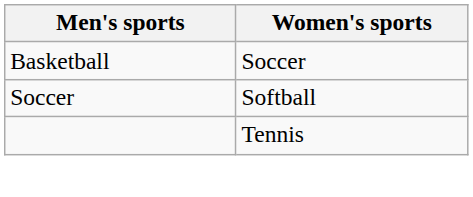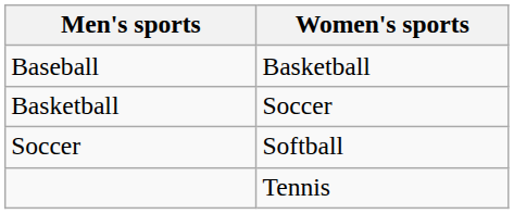 <table class="wikitable"; style= "text-align: ">
 <tr>
 <th width=150px>Men's sports</th>
 <th width=150px>Women's sports</th>
+</tr>
+<tr>
+<td>Baseball</td>
+<td>Basketball</td>
 </tr>
 <tr>
 <td>Basketball</td>
 <td>Soccer</td>
 </tr>
 <tr>
 <td>Soccer</td>
 <td>Softball</td>
 </tr>
 <tr>
 <td></td>
 <td>Tennis</td>
 </tr>
 </table>
